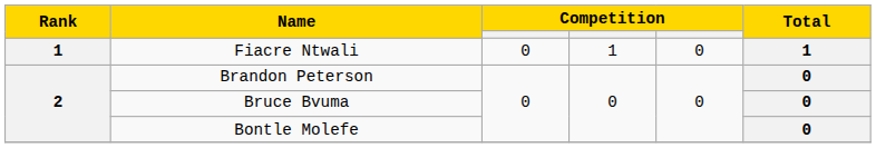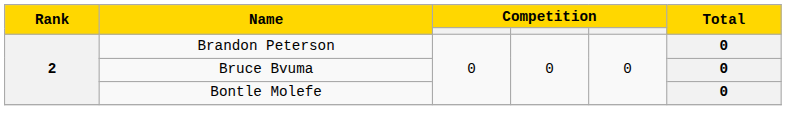 <table class="wikitable" style="text-align:center; width:80%;">
 <tr>
 <th rowspan="2" style="background:#FFD700; color:black; text-align:center;">Rank</th>
 <th rowspan="2" style="background:#FFD700; color:black; text-align:center;">Name</th>
 <th colspan="3" style="background:#FFD700; color:black; text-align:center;">Competition</th>
 <th rowspan="2" style="background:#FFD700; color:black; text-align:center;">Total</th>
 </tr>
 <tr>
 <th></th>
 <th></th>
 <th></th>
-</tr>
-<tr>
-<th>1</th>
-<td>Fiacre Ntwali</td>
-<td>0</td>
-<td>1</td>
-<td>0</td>
-<th>1</th>
 </tr>
 <tr>
 <th rowspan="3">2</th>
 <td>Brandon Peterson</td>
 <td rowspan="3">0</td>
 <td rowspan="3">0</td>
 <td rowspan="3">0</td>
 <th>0</th>
 </tr>
 <tr>
 <td>Bruce Bvuma</td>
 <th>0</th>
 </tr>
 <tr>
 <td>Bontle Molefe</td>
 <th>0</th>
 </tr>
 <tr>
 </tr>
 </table>
